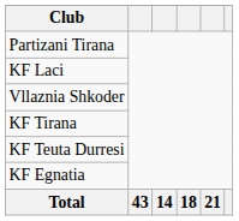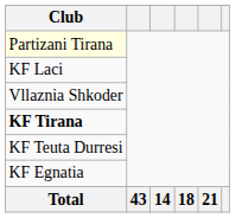 <table class="wikitable floatright">
 <tr>
 </tr>
 <tr>
 <th>Club</th>
 <th></th>
 <th></th>
 <th></th>
 <th></th>
 <th></th>
 </tr>
 <tr>
-<td>Partizani Tirana<br></td>
+<td style="background: lightyellow;">Partizani Tirana<br></td>
 </tr>
 <tr>
 <td>KF Laci<br></td>
 </tr>
 <tr>
 <td>Vllaznia Shkoder<br></td>
 </tr>
 <tr>
-<td>KF Tirana<br></td>
+<td><strong>KF Tirana<br></strong></td>
 </tr>
 <tr>
 <td>KF Teuta Durresi<br></td>
 </tr>
 <tr>
 <td>KF Egnatia<br></td>
 </tr>
 <tr>
 <th>Total</th>
 <th>43</th>
 <th>14</th>
 <th>18</th>
 <th>21</th>
 <th></th>
 </tr>
 </table>
